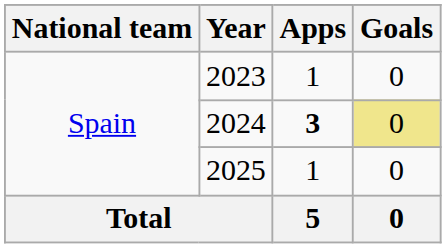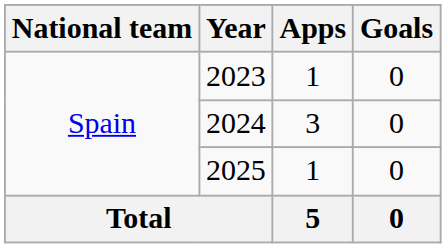 <table class="wikitable" style="text-align:center">
 <tr>
 <th>National team</th>
 <th>Year</th>
 <th>Apps</th>
 <th>Goals</th>
 </tr>
 <tr>
 <td rowspan="3"><a href='#'>Spain</a></td>
 <td>2023</td>
 <td>1</td>
 <td>0</td>
 </tr>
 <tr>
 <td>2024</td>
-<td><strong>3</strong></td>
-<td style="background: khaki;">0</td>
+<td>3</td>
+<td>0</td>
 </tr>
 <tr>
 <td>2025</td>
 <td>1</td>
 <td>0</td>
 </tr>
 <tr>
 <th colspan="2">Total</th>
 <th>5</th>
 <th>0</th>
 </tr>
 </table>
